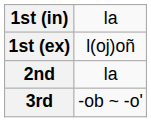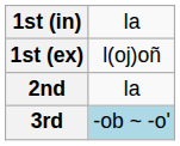 <table class="wikitable" style="text-align: center;">
 <tr>
 <th>1st (in)</th>
 <td>la</td>
 </tr>
 <tr>
 <th>1st (ex)</th>
 <td>l(oj)oñ</td>
 </tr>
 <tr>
 <th>2nd</th>
 <td>la</td>
 </tr>
 <tr>
 <th>3rd</th>
-<td>-ob ~ -o'</td>
+<td style="background: lightblue;">-ob ~ -o'</td>
 </tr>
 </table>
